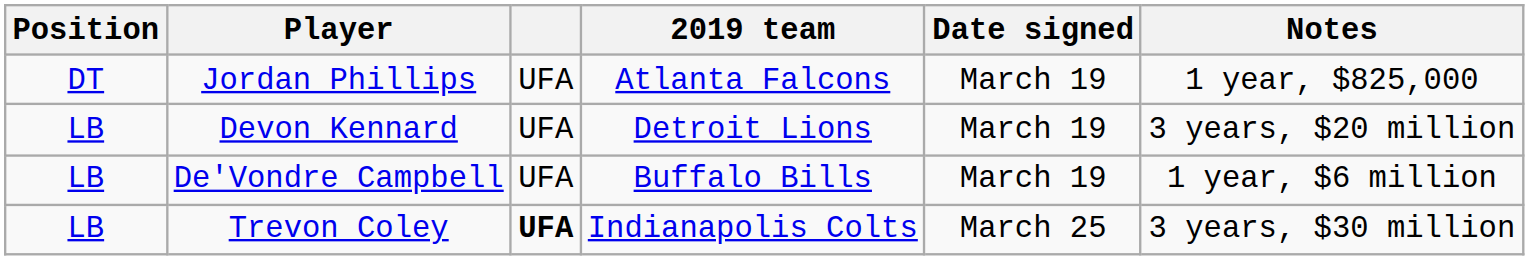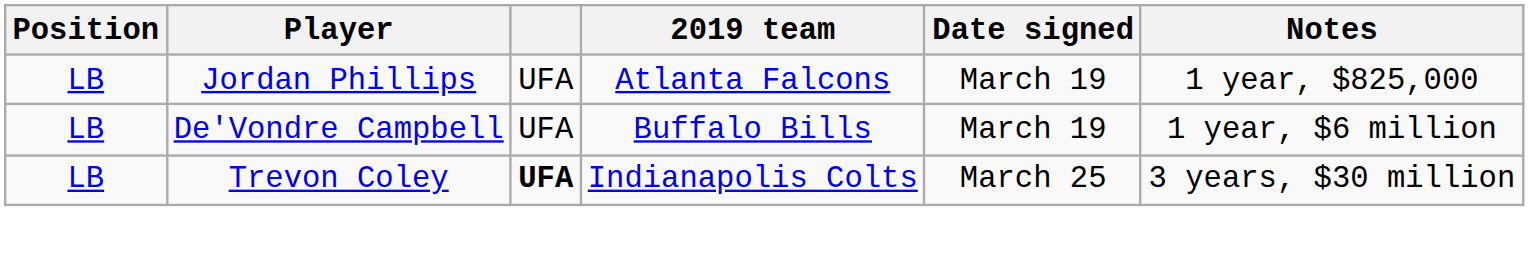 <table class="wikitable" style="text-align:center">
 <tr>
 <th>Position</th>
 <th>Player</th>
 <th></th>
 <th>2019 team</th>
 <th>Date signed</th>
 <th>Notes</th>
 </tr>
 <tr>
-<td><a href='#'>DT</a></td>
+<td><a href='#'>LB</a></td>
 <td><a href='#'>Jordan Phillips</a></td>
 <td>UFA</td>
 <td><a href='#'>Atlanta Falcons</a></td>
 <td>March 19</td>
 <td>1 year, $825,000</td>
-</tr>
-<tr>
-<td><a href='#'>LB</a></td>
-<td><a href='#'>Devon Kennard</a></td>
-<td>UFA</td>
-<td><a href='#'>Detroit Lions</a></td>
-<td>March 19</td>
-<td>3 years, $20 million</td>
 </tr>
 <tr>
 <td><a href='#'>LB</a></td>
 <td><a href='#'>De'Vondre Campbell</a></td>
 <td>UFA</td>
 <td><a href='#'>Buffalo Bills</a></td>
 <td>March 19</td>
 <td>1 year, $6 million</td>
 </tr>
 <tr>
 <td><a href='#'>LB</a></td>
 <td><a href='#'>Trevon Coley</a></td>
 <td><strong>UFA</strong></td>
 <td><a href='#'>Indianapolis Colts</a></td>
 <td>March 25</td>
 <td>3 years, $30 million</td>
 </tr>
 </table>
